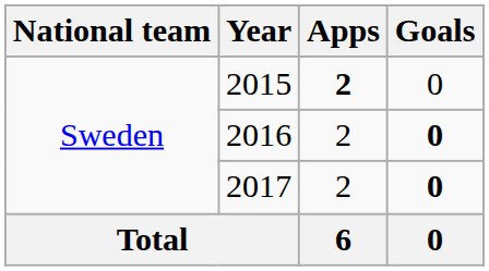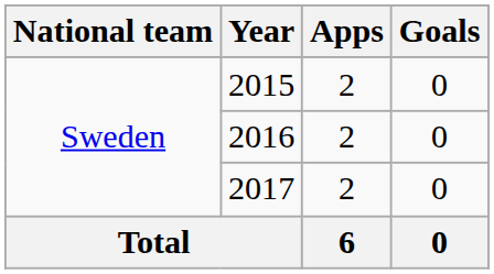 <table class="wikitable" style="text-align: center;">
 <tr>
 <th>National team</th>
 <th>Year</th>
 <th>Apps</th>
 <th>Goals</th>
 </tr>
 <tr>
 <td rowspan="3"><a href='#'>Sweden</a></td>
 <td>2015</td>
-<td><strong>2</strong></td>
+<td>2</td>
 <td>0</td>
 </tr>
 <tr>
 <td>2016</td>
 <td>2</td>
-<td><strong>0</strong></td>
+<td>0</td>
 </tr>
 <tr>
 <td>2017</td>
 <td>2</td>
-<td><strong>0</strong></td>
+<td>0</td>
 </tr>
 <tr>
 <th colspan=2>Total</th>
 <th>6</th>
 <th>0</th>
 </tr>
 </table>
